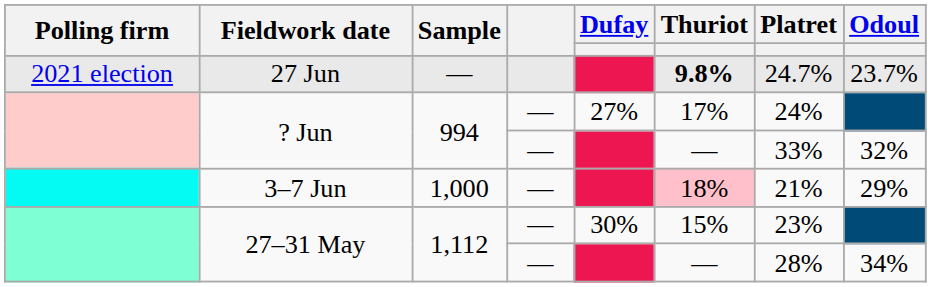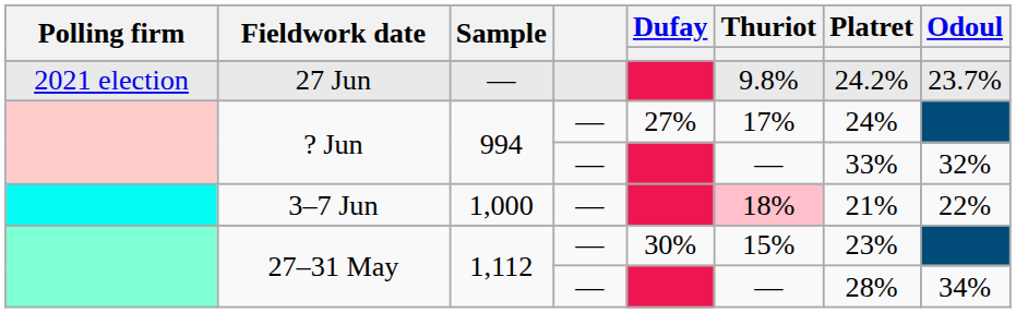 <table class="wikitable" style="text-align:center;font-size:90%;line-height:14px;">
 <tr>
 <th rowspan="2" style="width:100px;">Polling firm</th>
 <th rowspan="2" style="width:110px;">Fieldwork date</th>
 <th rowspan="2" style="width:35px;">Sample</th>
 <th rowspan="2" style="width:30px;"></th>
 <th><a href='#'>Dufay</a><br></th>
 <th>Thuriot<br></th>
 <th>Platret<br></th>
 <th><a href='#'>Odoul</a><br></th>
 </tr>
 <tr>
 <th style="background:"></th>
 <th style="background:"></th>
 <th style="background:"></th>
 <th style="background:"></th>
 </tr>
 <tr style="background:#E9E9E9;">
 <td><a href='#'>2021 election</a></td>
 <td data-sort-value="2021-06-20">27 Jun</td>
 <td>—</td>
 <td></td>
 <td style="background:#ED1651;"></td>
-<td><strong>9.8%</strong></td>
-<td>24.7%</td>
+<td>9.8%</td>
+<td>24.2%</td>
 <td>23.7%</td>
 </tr>
 <tr>
 <td rowspan=2 style="background:#FFCCCC;"></td>
 <td rowspan=2>? Jun</td>
 <td rowspan=2>994</td>
 <td>—</td>
 <td>27%</td>
 <td>17%</td>
 <td>24%</td>
 <td style="background:#004A77;"></td>
 </tr>
 <tr>
 <td>—</td>
 <td style="background:#ED1651;"></td>
 <td>—</td>
 <td>33%</td>
 <td>32%</td>
 </tr>
 <tr>
 <td style="background:#04FBF4;"></td>
 <td data-sort-value="2021-06-07">3–7 Jun</td>
 <td>1,000</td>
 <td>—</td>
 <td style="background:#ED1651;"></td>
 <td style="background: pink;">18%</td>
 <td>21%</td>
-<td>29%</td>
+<td>22%</td>
 </tr>
 <tr>
 <td rowspan=2 style="background:aquamarine;"></td>
 <td rowspan=2>27–31 May</td>
 <td rowspan=2>1,112</td>
 <td>—</td>
 <td>30%</td>
 <td>15%</td>
 <td>23%</td>
 <td style="background:#004A77;"></td>
 </tr>
 <tr>
 <td>—</td>
 <td style="background:#ED1651;"></td>
 <td>—</td>
 <td>28%</td>
 <td>34%</td>
 </tr>
 </table>
